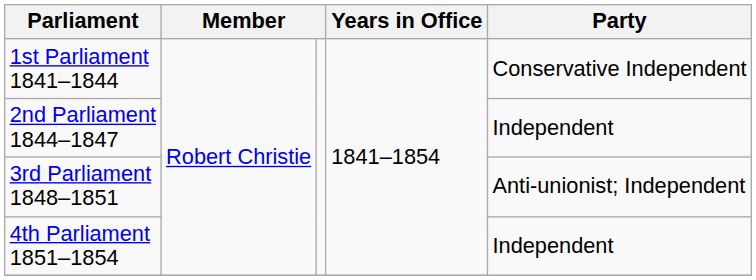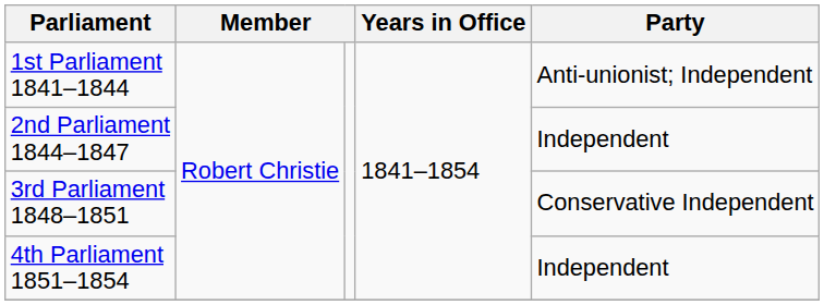 <table class="wikitable">
 <tr>
 <th>Parliament</th>
 <th colspan="2">Member</th>
 <th>Years in Office</th>
 <th>Party</th>
 </tr>
 <tr>
 <td><a href='#'>1st Parliament</a><br>1841–1844</td>
 <td rowspan="4"><a href='#'>Robert Christie</a></td>
 <td rowspan="4"></td>
 <td rowspan="4">1841–1854</td>
-<td>Conservative Independent</td>
+<td>Anti-unionist; Independent</td>
 </tr>
 <tr>
 <td><a href='#'>2nd Parliament</a><br>1844–1847</td>
 <td>Independent</td>
 </tr>
 <tr>
 <td><a href='#'>3rd Parliament</a><br>1848–1851</td>
-<td>Anti-unionist; Independent</td>
+<td>Conservative Independent</td>
 </tr>
 <tr>
 <td><a href='#'>4th Parliament</a><br>1851–1854</td>
 <td>Independent</td>
 </tr>
 <tr>
 </tr>
 </table>
